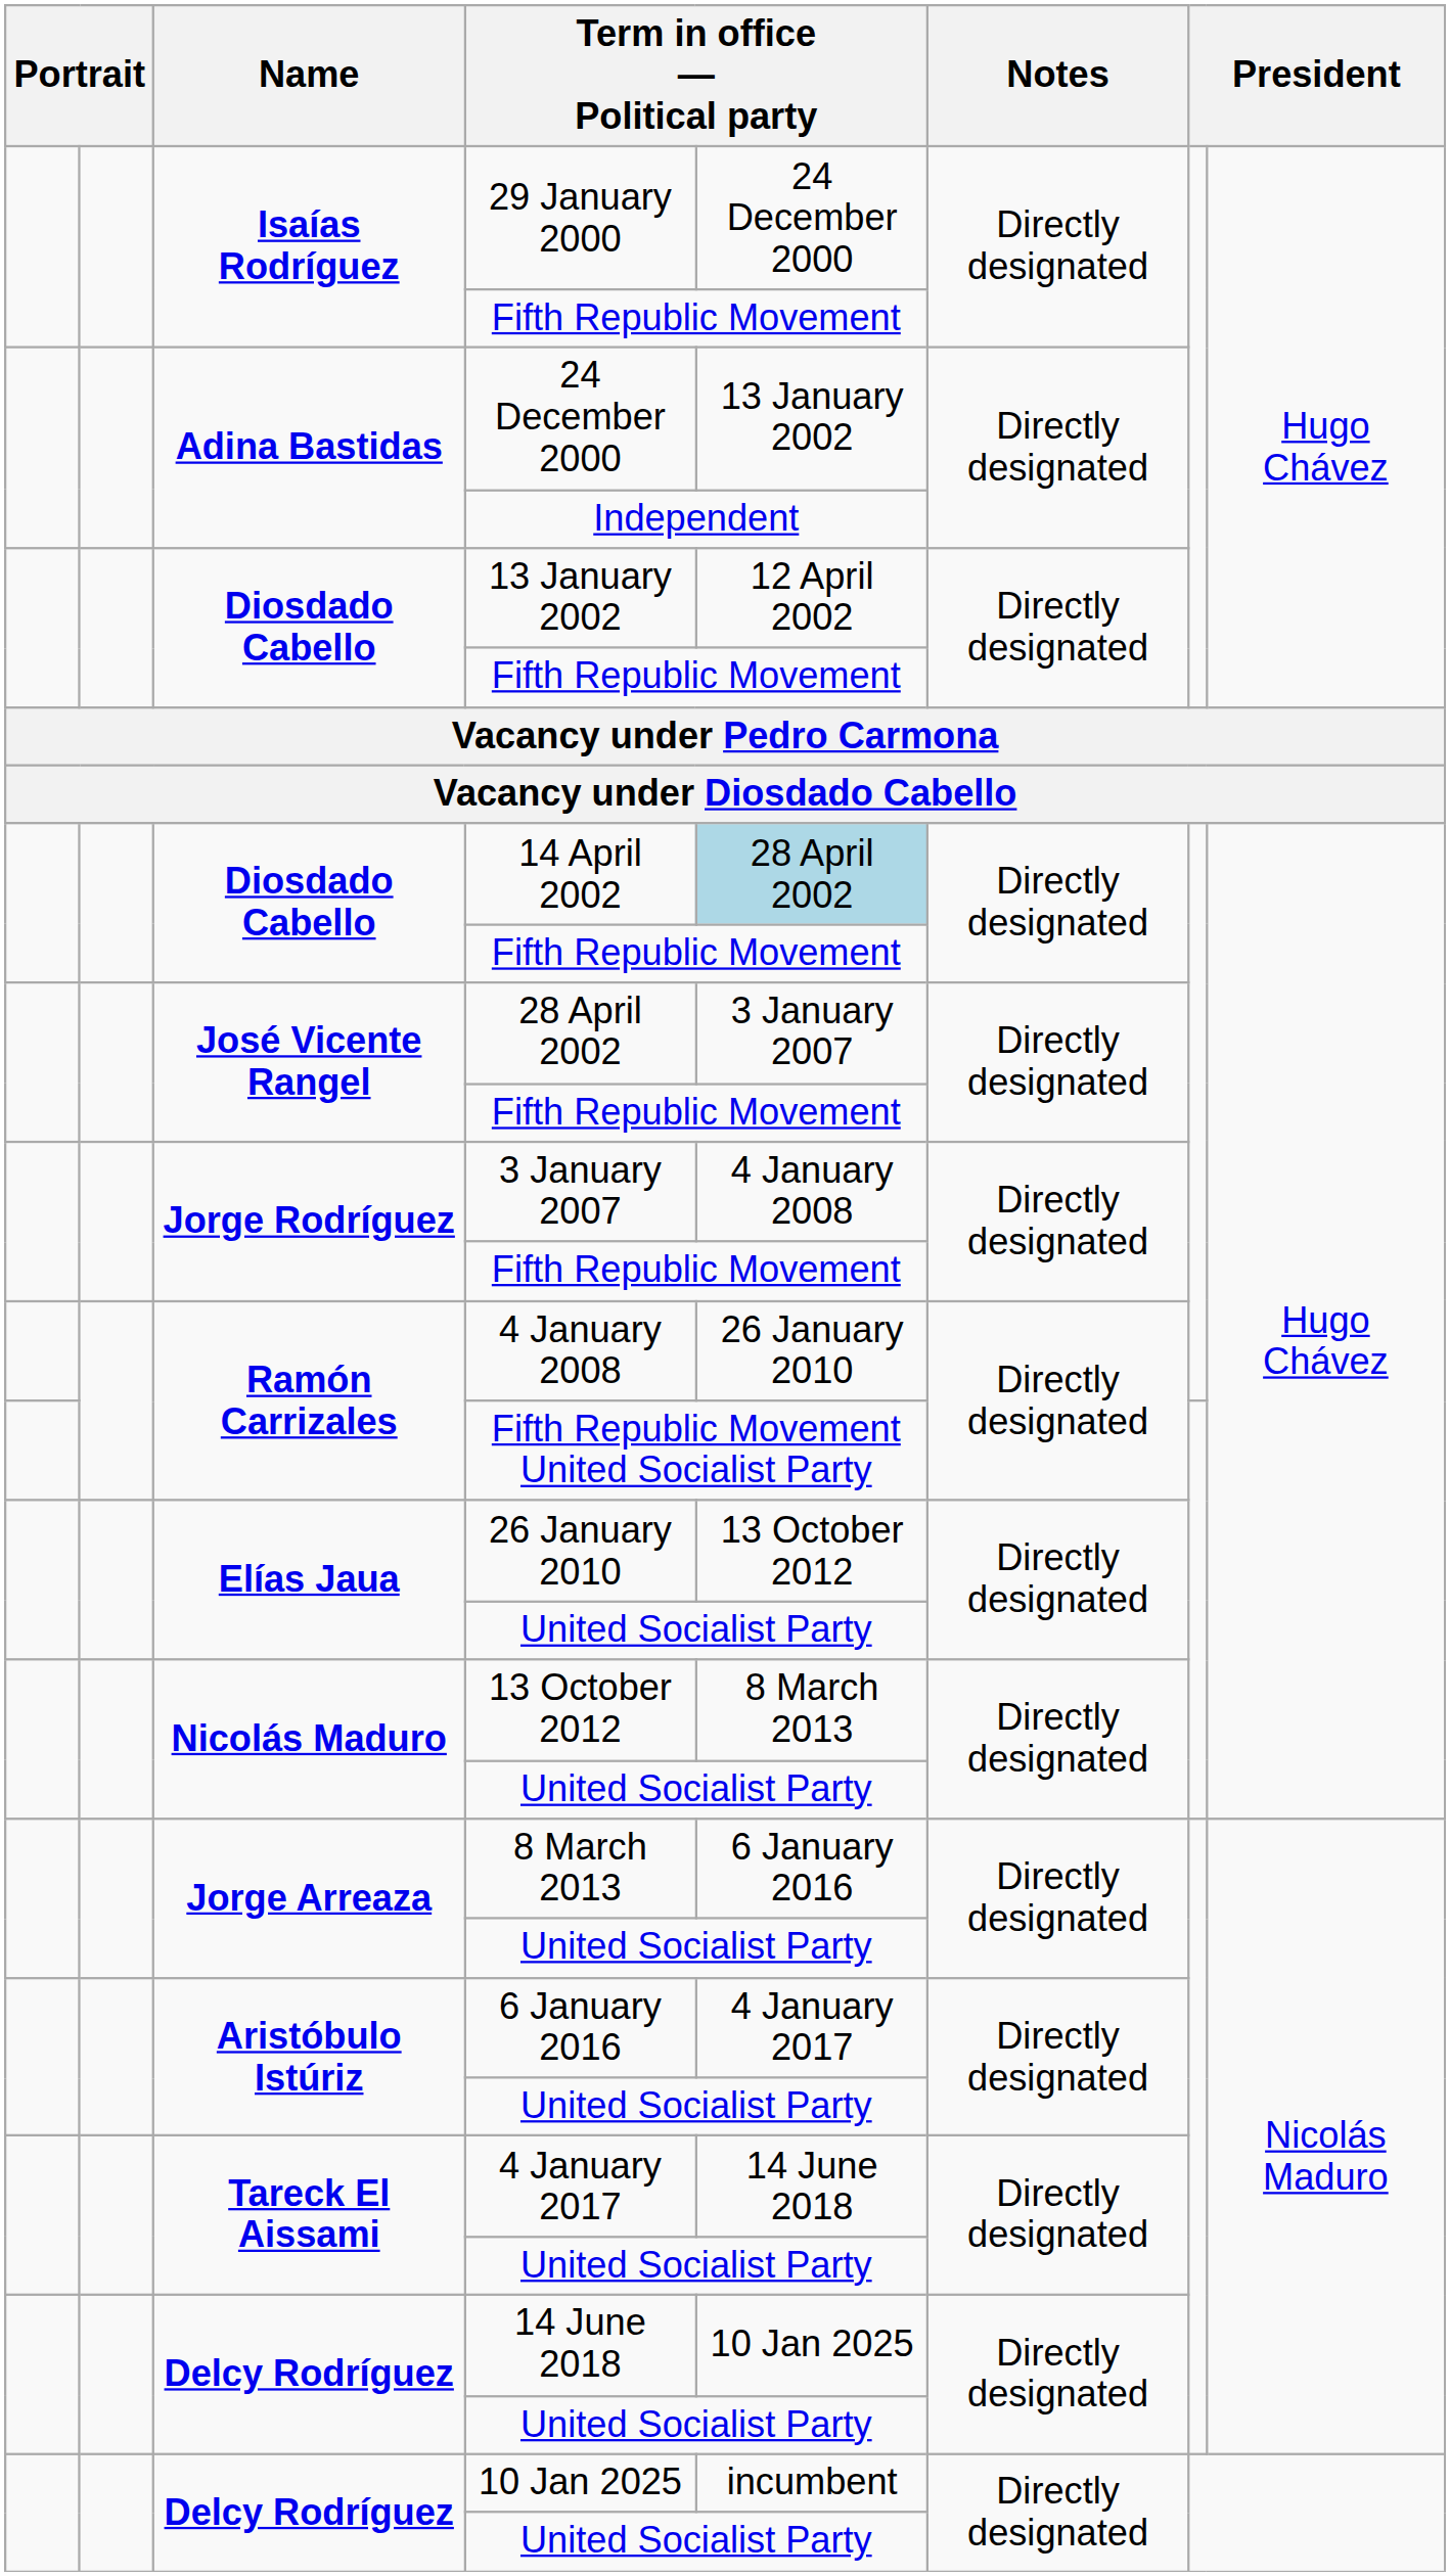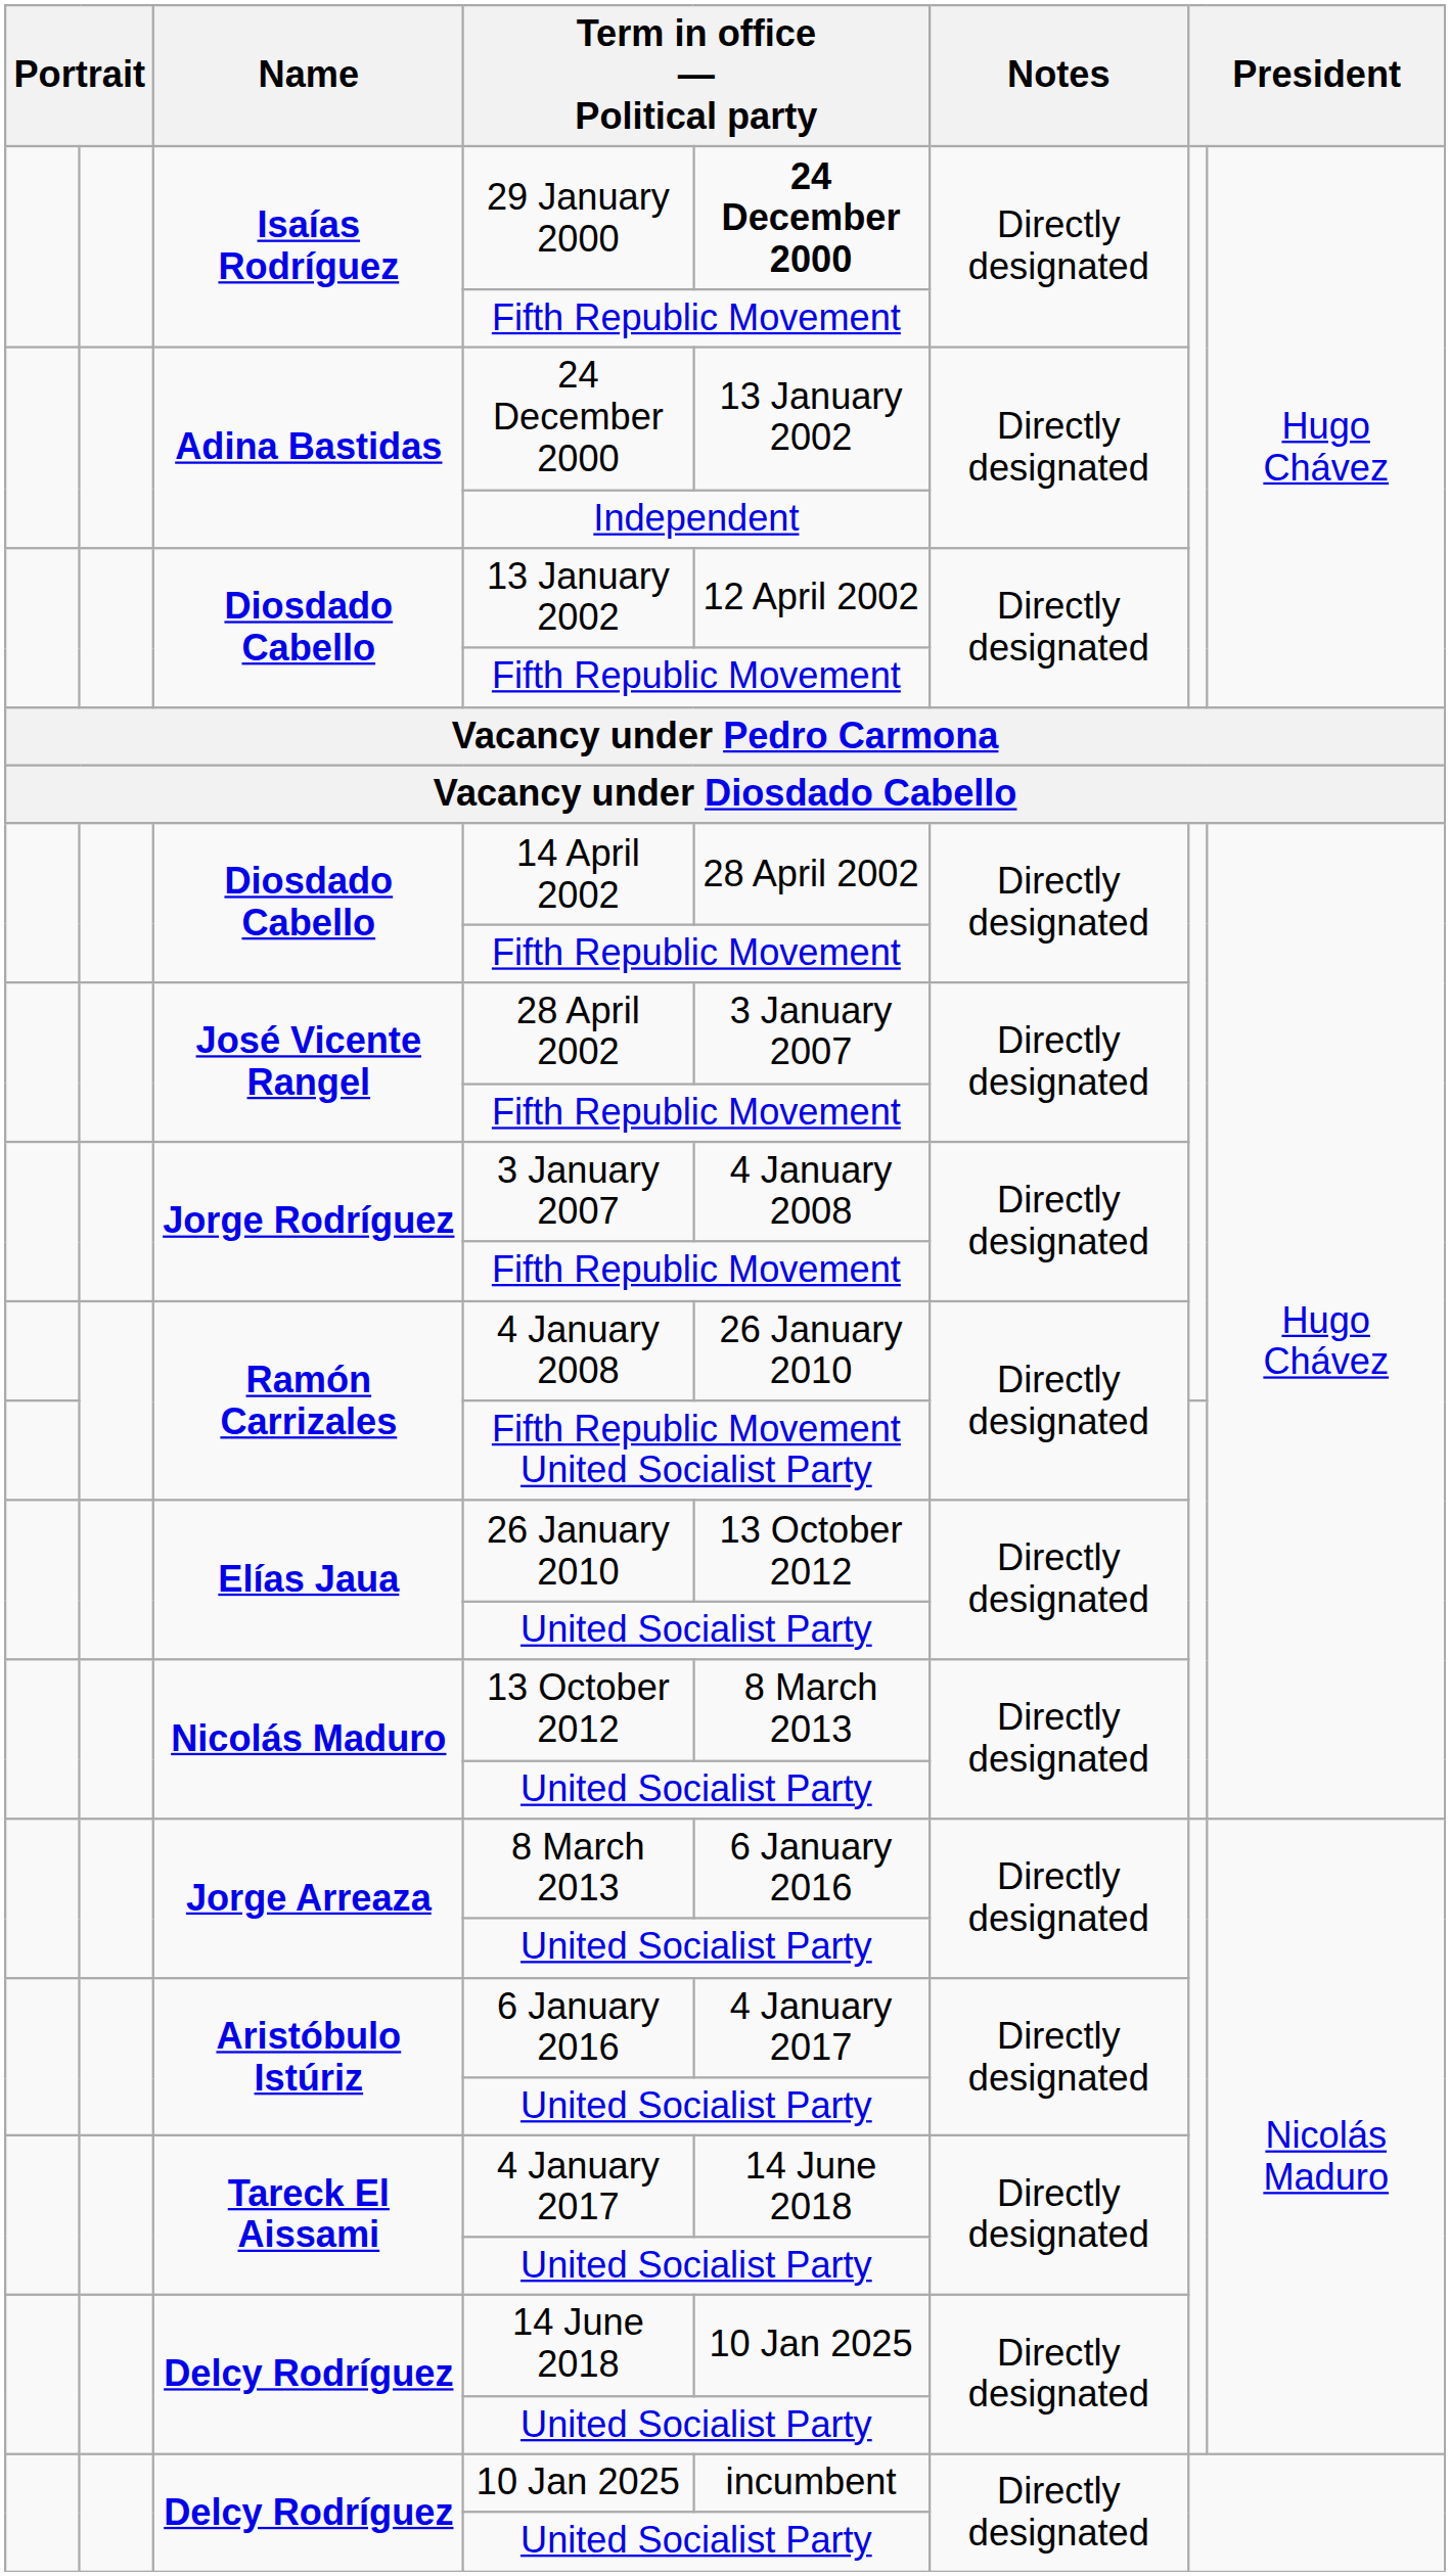 <table class="wikitable" width="100%">
 <tr>
 <th colspan="2">Portrait</th>
 <th width="25%">Name<br></th>
 <th colspan="2" width="35%">Term in office<br>—<br>Political party</th>
 <th width="20%">Notes</th>
 <th colspan="25" width="20%">President</th>
 </tr>
 <tr>
 <td rowspan="2" align="center" bgcolor=></td>
 <td rowspan="2" align="center"></td>
 <td rowspan="2" align="center"><strong><a href='#'>Isaías Rodríguez</a></strong><br></td>
 <td align="center">29 January 2000</td>
-<td align="center">24 December 2000</td>
+<td align="center"><strong>24 December 2000</strong></td>
 <td rowspan="2" align="center">Directly designated</td>
 <td rowspan="6" align="center" bgcolor=></td>
 <td rowspan="6" align="center"><br><a href='#'>Hugo Chávez</a><br></td>
 </tr>
 <tr>
 <td colspan="2" align="center"><a href='#'>Fifth Republic Movement</a></td>
 </tr>
 <tr>
 <td rowspan="2" align="center" bgcolor=></td>
 <td rowspan="2" align="center"></td>
 <td rowspan="2" align="center"><strong><a href='#'>Adina Bastidas</a></strong><br></td>
 <td align="center">24 December 2000</td>
 <td align="center">13 January 2002</td>
 <td rowspan="2" align="center">Directly designated</td>
 </tr>
 <tr>
 <td colspan="2" align="center"><a href='#'>Independent</a></td>
 </tr>
 <tr>
 <td rowspan="2" align="center" bgcolor=></td>
 <td rowspan="2" align="center"></td>
 <td rowspan="2" align="center"><strong><a href='#'>Diosdado Cabello</a></strong><br></td>
 <td align="center">13 January 2002</td>
 <td align="center">12 April 2002</td>
 <td rowspan="2" align="center">Directly designated</td>
 </tr>
 <tr>
 <td colspan="2" align="center"><a href='#'>Fifth Republic Movement</a></td>
 </tr>
 <tr>
 <th colspan=8>Vacancy under <a href='#'>Pedro Carmona</a> </th>
 </tr>
 <tr>
 <th colspan=8>Vacancy under <a href='#'>Diosdado Cabello</a> </th>
 </tr>
 <tr>
 <td rowspan="2" align="center" bgcolor=></td>
 <td rowspan="2" align="center"></td>
 <td rowspan="2" align="center"><strong><a href='#'>Diosdado Cabello</a></strong><br></td>
 <td align="center">14 April 2002</td>
-<td align="center" style="background: lightblue;">28 April 2002</td>
+<td align="center">28 April 2002</td>
 <td rowspan="2" align="center">Directly designated</td>
 <td rowspan="7" align="center" bgcolor=></td>
 <td rowspan="12" align="center"><br><a href='#'>Hugo Chávez</a><br></td>
 </tr>
 <tr>
 <td colspan="2" align="center"><a href='#'>Fifth Republic Movement</a></td>
 </tr>
 <tr>
 <td rowspan="2" align="center" bgcolor=></td>
 <td rowspan="2" align="center"></td>
 <td rowspan="2" align="center"><strong><a href='#'>José Vicente Rangel</a></strong><br></td>
 <td align="center">28 April 2002</td>
 <td align="center">3 January 2007</td>
 <td rowspan="2" align="center">Directly designated</td>
 </tr>
 <tr>
 <td colspan="2" align="center"><a href='#'>Fifth Republic Movement</a></td>
 </tr>
 <tr>
 <td rowspan="2" align="center" bgcolor=></td>
 <td rowspan="2" align="center"></td>
 <td rowspan="2" align="center"><strong><a href='#'>Jorge Rodríguez</a></strong><br></td>
 <td align="center">3 January 2007</td>
 <td align="center">4 January 2008</td>
 <td rowspan="2" align="center">Directly designated</td>
 </tr>
 <tr>
 <td colspan="2" align="center"><a href='#'>Fifth Republic Movement</a></td>
 </tr>
 <tr>
 <td align="center" bgcolor=></td>
 <td rowspan="2" align="center"></td>
 <td rowspan="2" align="center"><strong><a href='#'>Ramón Carrizales</a></strong><br></td>
 <td align="center">4 January 2008</td>
 <td align="center">26 January 2010</td>
 <td rowspan="2" align="center">Directly designated</td>
 </tr>
 <tr>
 <td align="center" bgcolor=></td>
 <td colspan="2" align="center"><a href='#'>Fifth Republic Movement</a><br><a href='#'>United Socialist Party</a></td>
 <td rowspan="5" align="center" bgcolor=></td>
 </tr>
 <tr>
 <td rowspan="2" align="center" bgcolor=></td>
 <td rowspan="2" align="center"></td>
 <td rowspan="2" align="center"><strong><a href='#'>Elías Jaua</a></strong><br></td>
 <td align="center">26 January 2010</td>
 <td align="center">13 October 2012</td>
 <td rowspan="2" align="center">Directly designated</td>
 </tr>
 <tr>
 <td colspan="2" align="center"><a href='#'>United Socialist Party</a></td>
 </tr>
 <tr>
 <td rowspan="2" align="center" bgcolor=></td>
 <td rowspan="2" align="center"></td>
 <td rowspan="2" align="center"><strong><a href='#'>Nicolás Maduro</a></strong><br></td>
 <td align="center">13 October 2012</td>
 <td align="center">8 March 2013</td>
 <td rowspan="2" align="center">Directly designated</td>
 </tr>
 <tr>
 <td colspan="2" align="center"><a href='#'>United Socialist Party</a></td>
 </tr>
 <tr>
 <td rowspan="2" align="center" bgcolor=></td>
 <td rowspan="2" align="center"></td>
 <td rowspan="2" align="center"><strong><a href='#'>Jorge Arreaza</a></strong><br></td>
 <td align="center">8 March 2013</td>
 <td align="center">6 January 2016</td>
 <td rowspan="2" align="center">Directly designated</td>
 <td rowspan="8" align="center" bgcolor=></td>
 <td rowspan="8" align="center"><br><a href='#'>Nicolás Maduro</a><br></td>
 </tr>
 <tr>
 <td colspan="2" align="center"><a href='#'>United Socialist Party</a></td>
 </tr>
 <tr>
 <td rowspan="2" align="center" bgcolor=></td>
 <td rowspan="2" align="center"></td>
 <td rowspan="2" align="center"><strong><a href='#'>Aristóbulo Istúriz</a></strong><br></td>
 <td align="center">6 January 2016</td>
 <td align="center">4 January 2017</td>
 <td rowspan="2" align="center">Directly designated</td>
 </tr>
 <tr>
 <td colspan="2" align="center"><a href='#'>United Socialist Party</a></td>
 </tr>
 <tr>
 <td rowspan="2" align="center" bgcolor=></td>
 <td rowspan="2" align="center"></td>
 <td rowspan="2" align="center"><strong><a href='#'>Tareck El Aissami</a></strong><br></td>
 <td align="center">4 January 2017</td>
 <td align="center">14 June 2018</td>
 <td rowspan="2" align="center">Directly designated</td>
 </tr>
 <tr>
 <td colspan="2" align="center"><a href='#'>United Socialist Party</a></td>
 </tr>
 <tr>
 <td rowspan="2" align="center" bgcolor=></td>
 <td rowspan="2" align="center"></td>
 <td rowspan="2" align="center"><strong><a href='#'>Delcy Rodríguez</a></strong><br></td>
 <td align="center">14 June 2018</td>
 <td align="center">10 Jan 2025</td>
 <td rowspan="2" align="center">Directly designated</td>
 </tr>
 <tr>
 <td colspan="2" align="center"><a href='#'>United Socialist Party</a></td>
 </tr>
 <tr>
 <td rowspan="2" align="center" bgcolor=></td>
 <td rowspan="2" align="center"></td>
 <td rowspan="2" align="center"><strong><a href='#'>Delcy Rodríguez</a></strong><br></td>
 <td align="center">10 Jan 2025</td>
 <td align="center">incumbent</td>
 <td rowspan="2" align="center">Directly designated</td>
 </tr>
 <tr>
 <td colspan="2" align="center"><a href='#'>United Socialist Party</a></td>
 </tr>
 <tr>
 </tr>
 </table>
